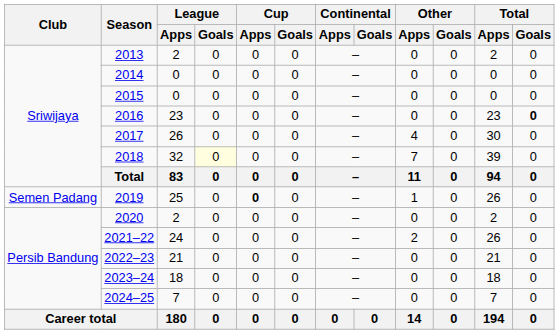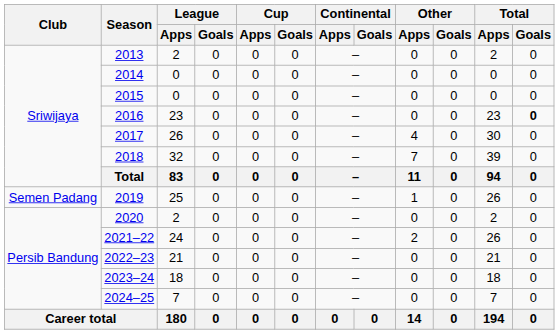 <table class="wikitable" style="text-align: center">
 <tr>
 <th rowspan="2">Club</th>
 <th rowspan="2">Season</th>
 <th colspan="2">League</th>
 <th colspan="2">Cup</th>
 <th colspan="2">Continental</th>
 <th colspan="2">Other</th>
 <th colspan="2">Total</th>
 </tr>
 <tr>
 <th>Apps</th>
 <th>Goals</th>
 <th>Apps</th>
 <th>Goals</th>
 <th>Apps</th>
 <th>Goals</th>
 <th>Apps</th>
 <th>Goals</th>
 <th>Apps</th>
 <th>Goals</th>
 </tr>
 <tr>
 <td rowspan="7"><a href='#'>Sriwijaya</a></td>
 <td><a href='#'>2013</a></td>
 <td>2</td>
 <td>0</td>
 <td>0</td>
 <td>0</td>
 <td colspan="2">–</td>
 <td>0</td>
 <td>0</td>
 <td>2</td>
 <td>0</td>
 </tr>
 <tr>
 <td><a href='#'>2014</a></td>
 <td>0</td>
 <td>0</td>
 <td>0</td>
 <td>0</td>
 <td colspan="2">–</td>
 <td>0</td>
 <td>0</td>
 <td>0</td>
 <td>0</td>
 </tr>
 <tr>
 <td><a href='#'>2015</a></td>
 <td>0</td>
 <td>0</td>
 <td>0</td>
 <td>0</td>
 <td colspan="2">–</td>
 <td>0</td>
 <td>0</td>
 <td>0</td>
 <td>0</td>
 </tr>
 <tr>
 <td><a href='#'>2016</a></td>
 <td>23</td>
 <td>0</td>
 <td>0</td>
 <td>0</td>
 <td colspan="2">–</td>
 <td>0</td>
 <td>0</td>
 <td>23</td>
 <td><strong>0</strong></td>
 </tr>
 <tr>
 <td><a href='#'>2017</a></td>
 <td>26</td>
 <td>0</td>
 <td>0</td>
 <td>0</td>
 <td colspan="2">–</td>
 <td>4</td>
 <td>0</td>
 <td>30</td>
 <td>0</td>
 </tr>
 <tr>
 <td><a href='#'>2018</a></td>
 <td>32</td>
-<td style="background: lightyellow;">0</td>
+<td>0</td>
 <td>0</td>
 <td>0</td>
 <td colspan="2">–</td>
 <td>7</td>
 <td>0</td>
 <td>39</td>
 <td>0</td>
 </tr>
 <tr>
 <th colspan="1">Total</th>
 <th>83</th>
 <th>0</th>
 <th>0</th>
 <th>0</th>
 <th colspan="2">–</th>
 <th>11</th>
 <th>0</th>
 <th>94</th>
 <th>0</th>
 </tr>
 <tr>
 <td rowspan="1"><a href='#'>Semen Padang</a></td>
 <td><a href='#'>2019</a></td>
 <td>25</td>
 <td>0</td>
-<td><strong>0</strong></td>
+<td>0</td>
 <td>0</td>
 <td colspan="2">–</td>
 <td>1</td>
 <td>0</td>
 <td>26</td>
 <td>0</td>
 </tr>
 <tr>
 <td rowspan="5"><a href='#'>Persib Bandung</a></td>
 <td><a href='#'>2020</a></td>
 <td>2</td>
 <td>0</td>
 <td>0</td>
 <td>0</td>
 <td colspan="2">–</td>
 <td>0</td>
 <td>0</td>
 <td>2</td>
 <td>0</td>
 </tr>
 <tr>
 <td><a href='#'>2021–22</a></td>
 <td>24</td>
 <td>0</td>
 <td>0</td>
 <td>0</td>
 <td colspan="2">–</td>
 <td>2</td>
 <td>0</td>
 <td>26</td>
 <td>0</td>
 </tr>
 <tr>
 <td><a href='#'>2022–23</a></td>
 <td>21</td>
 <td>0</td>
 <td>0</td>
 <td>0</td>
 <td colspan="2">–</td>
 <td>0</td>
 <td>0</td>
 <td>21</td>
 <td>0</td>
 </tr>
 <tr>
 <td><a href='#'>2023–24</a></td>
 <td>18</td>
 <td>0</td>
 <td>0</td>
 <td>0</td>
 <td colspan="2">–</td>
 <td>0</td>
 <td>0</td>
 <td>18</td>
 <td>0</td>
 </tr>
 <tr>
 <td><a href='#'>2024–25</a></td>
 <td>7</td>
 <td>0</td>
 <td>0</td>
 <td>0</td>
 <td colspan="2">–</td>
 <td>0</td>
 <td>0</td>
 <td>7</td>
 <td>0</td>
 </tr>
 <tr>
 <th colspan=2>Career total</th>
 <th>180</th>
 <th>0</th>
 <th>0</th>
 <th>0</th>
 <th>0</th>
 <th>0</th>
 <th>14</th>
 <th>0</th>
 <th>194</th>
 <th>0</th>
 </tr>
 </table>
